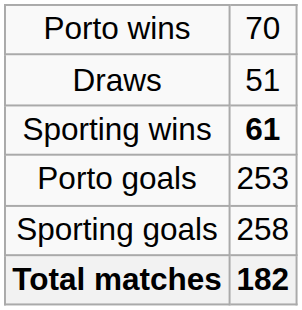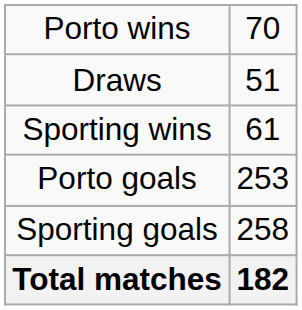 <table class="wikitable" style="text-align:center">
 <tr>
 <td>Porto wins</td>
 <td>70</td>
 </tr>
 <tr>
 <td>Draws</td>
 <td>51</td>
 </tr>
 <tr>
 <td>Sporting wins</td>
-<td><strong>61</strong></td>
+<td>61</td>
 </tr>
 <tr>
 <td>Porto goals</td>
 <td>253</td>
 </tr>
 <tr>
 <td>Sporting goals</td>
 <td>258</td>
 </tr>
 <tr>
 <th>Total matches</th>
 <th>182</th>
 </tr>
 </table>
